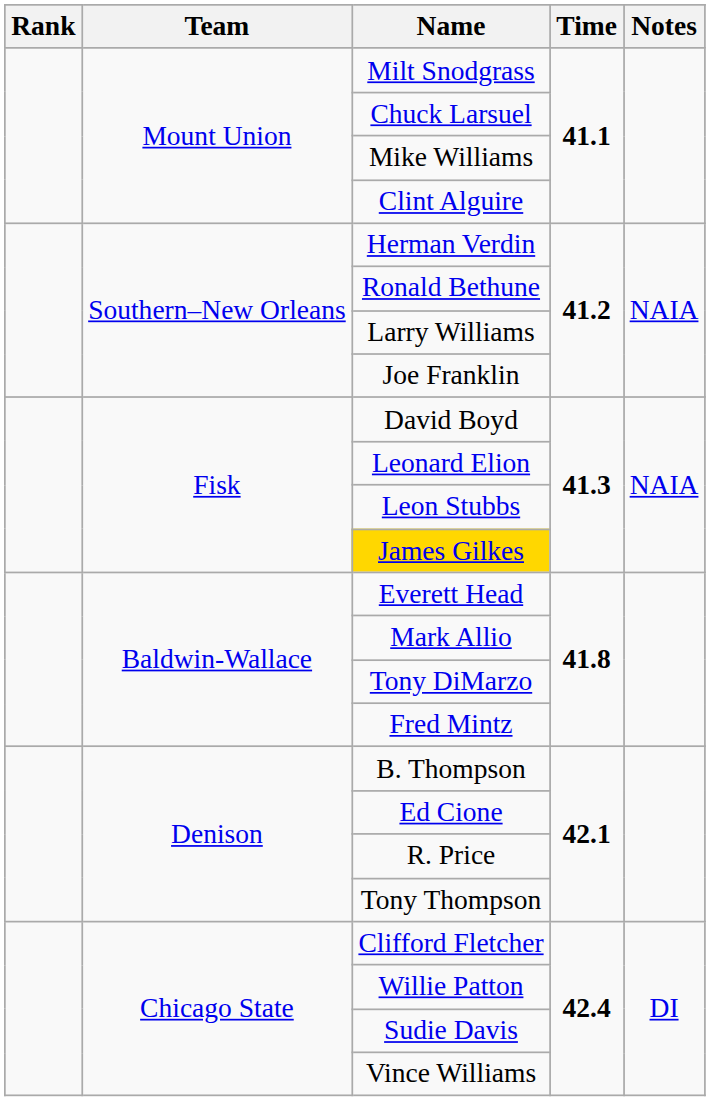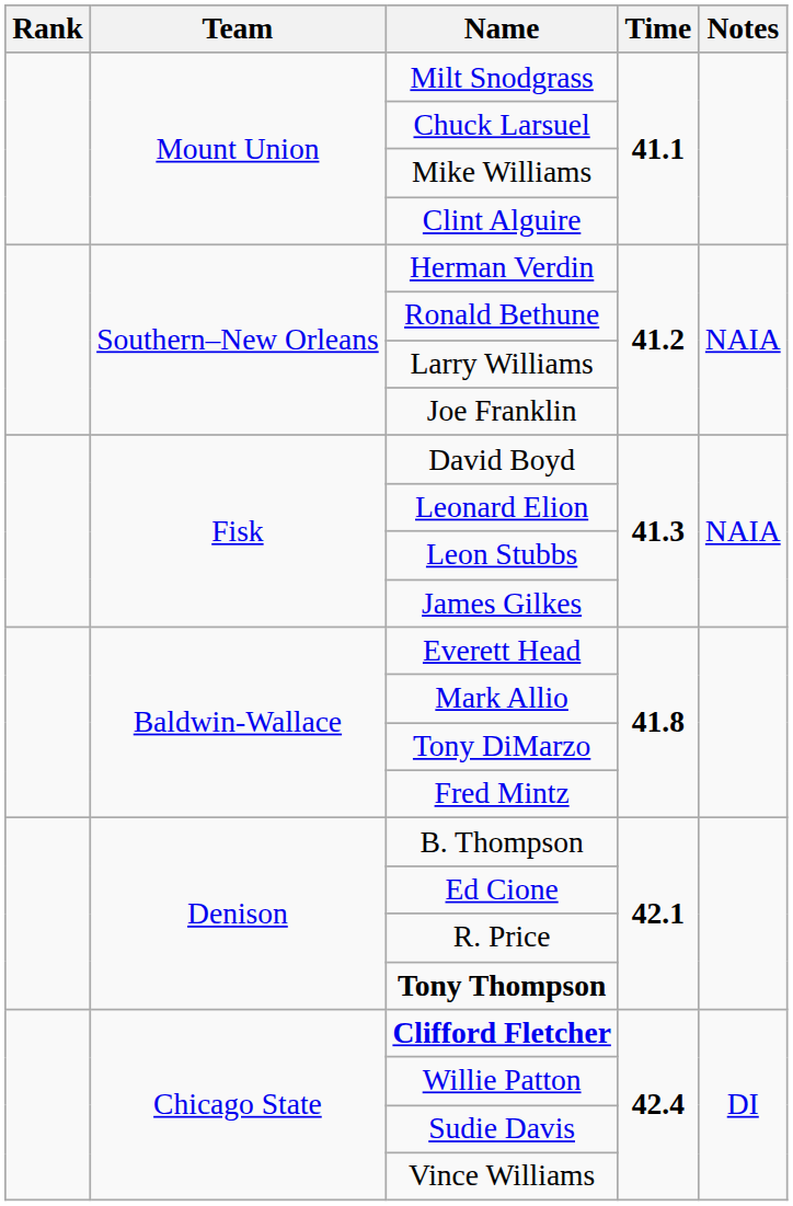 <table class="wikitable sortable" style="text-align:center">
 <tr>
 <th>Rank</th>
 <th>Team</th>
 <th>Name</th>
 <th>Time</th>
 <th>Notes</th>
 </tr>
 <tr>
 <td rowspan="4"></td>
 <td rowspan="4"><a href='#'>Mount Union</a></td>
 <td><a href='#'>Milt Snodgrass</a></td>
 <td rowspan="4"><strong>41.1</strong></td>
 <td rowspan="4"></td>
 </tr>
 <tr>
 <td><a href='#'>Chuck Larsuel</a></td>
 </tr>
 <tr>
 <td>Mike Williams</td>
 </tr>
 <tr>
 <td><a href='#'>Clint Alguire</a></td>
 </tr>
 <tr>
 <td rowspan="4"></td>
 <td rowspan="4"><a href='#'>Southern–New Orleans</a></td>
 <td><a href='#'>Herman Verdin</a></td>
 <td rowspan="4"><strong>41.2</strong></td>
 <td rowspan="4"><a href='#'>NAIA</a></td>
 </tr>
 <tr>
 <td><a href='#'>Ronald Bethune</a></td>
 </tr>
 <tr>
 <td>Larry Williams</td>
 </tr>
 <tr>
 <td>Joe Franklin</td>
 </tr>
 <tr>
 <td rowspan="4"></td>
 <td rowspan="4"><a href='#'>Fisk</a></td>
 <td>David Boyd</td>
 <td rowspan="4"><strong>41.3</strong></td>
 <td rowspan="4"><a href='#'>NAIA</a></td>
 </tr>
 <tr>
 <td><a href='#'>Leonard Elion</a></td>
 </tr>
 <tr>
 <td><a href='#'>Leon Stubbs</a></td>
 </tr>
 <tr>
-<td style="background: gold;"> <a href='#'>James Gilkes</a></td>
+<td> <a href='#'>James Gilkes</a></td>
 </tr>
 <tr>
 <td rowspan="4"></td>
 <td rowspan="4"><a href='#'>Baldwin-Wallace</a></td>
 <td><a href='#'>Everett Head</a></td>
 <td rowspan="4"><strong>41.8</strong></td>
 <td rowspan="4"></td>
 </tr>
 <tr>
 <td><a href='#'>Mark Allio</a></td>
 </tr>
 <tr>
 <td><a href='#'>Tony DiMarzo</a></td>
 </tr>
 <tr>
 <td><a href='#'>Fred Mintz</a></td>
 </tr>
 <tr>
 <td rowspan="4"></td>
 <td rowspan="4"><a href='#'>Denison</a></td>
 <td>B. Thompson</td>
 <td rowspan="4"><strong>42.1</strong></td>
 <td rowspan="4"></td>
 </tr>
 <tr>
 <td><a href='#'>Ed Cione</a></td>
 </tr>
 <tr>
 <td>R. Price</td>
 </tr>
 <tr>
-<td>Tony Thompson</td>
+<td><strong>Tony Thompson</strong></td>
 </tr>
 <tr>
 <td rowspan="4"></td>
 <td rowspan="4"><a href='#'>Chicago State</a></td>
-<td><a href='#'>Clifford Fletcher</a></td>
+<td><strong><a href='#'>Clifford Fletcher</a></strong></td>
 <td rowspan="4"><strong>42.4</strong></td>
 <td rowspan="4"><a href='#'>DI</a></td>
 </tr>
 <tr>
 <td><a href='#'>Willie Patton</a></td>
 </tr>
 <tr>
 <td><a href='#'>Sudie Davis</a></td>
 </tr>
 <tr>
 <td>Vince Williams</td>
 </tr>
 </table>
